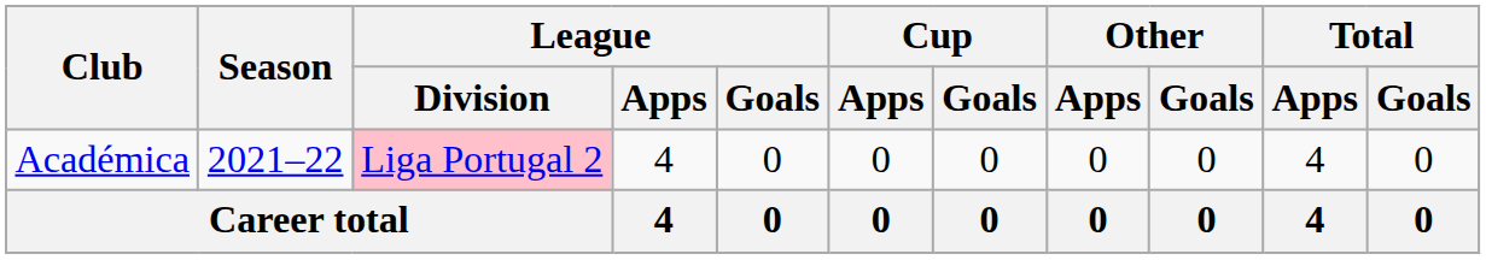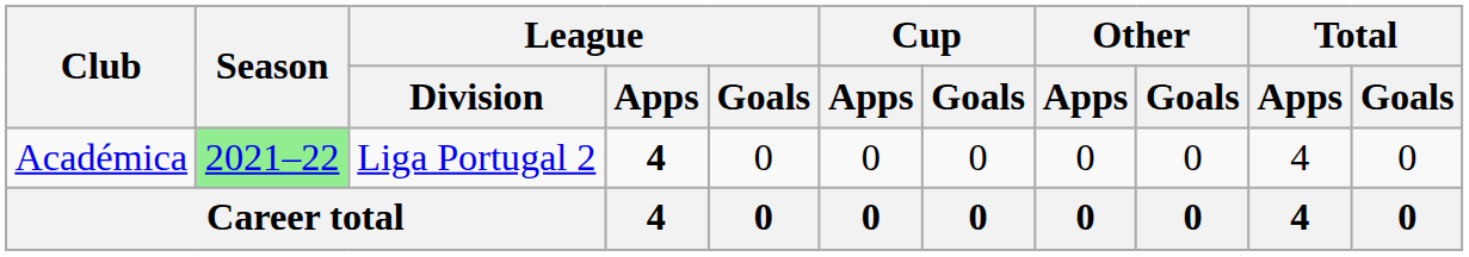 <table class="wikitable" style="text-align: center">
 <tr>
 <th rowspan="2">Club</th>
 <th rowspan="2">Season</th>
 <th colspan="3">League</th>
 <th colspan="2">Cup</th>
 <th colspan="2">Other</th>
 <th colspan="2">Total</th>
 </tr>
 <tr>
 <th>Division</th>
 <th>Apps</th>
 <th>Goals</th>
 <th>Apps</th>
 <th>Goals</th>
 <th>Apps</th>
 <th>Goals</th>
 <th>Apps</th>
 <th>Goals</th>
 </tr>
 <tr>
 <td><a href='#'>Académica</a></td>
-<td><a href='#'>2021–22</a></td>
-<td style="background: pink;"><a href='#'>Liga Portugal 2</a></td>
-<td>4</td>
+<td style="background: lightgreen;"><a href='#'>2021–22</a></td>
+<td><a href='#'>Liga Portugal 2</a></td>
+<td><strong>4</strong></td>
 <td>0</td>
 <td>0</td>
 <td>0</td>
 <td>0</td>
 <td>0</td>
 <td>4</td>
 <td>0</td>
 </tr>
 <tr>
 <th colspan="3"><strong>Career total</strong></th>
 <th>4</th>
 <th>0</th>
 <th>0</th>
 <th>0</th>
 <th>0</th>
 <th>0</th>
 <th>4</th>
 <th>0</th>
 </tr>
 </table>
